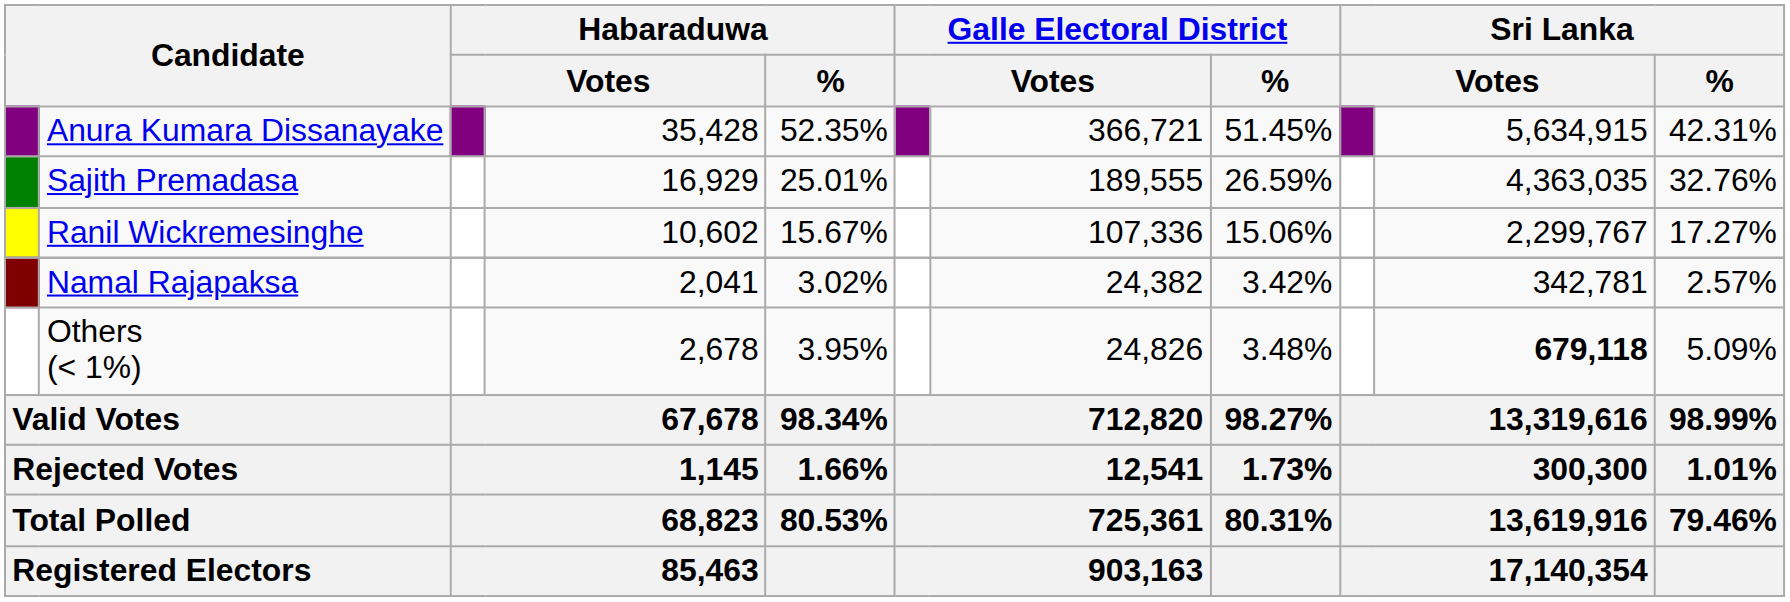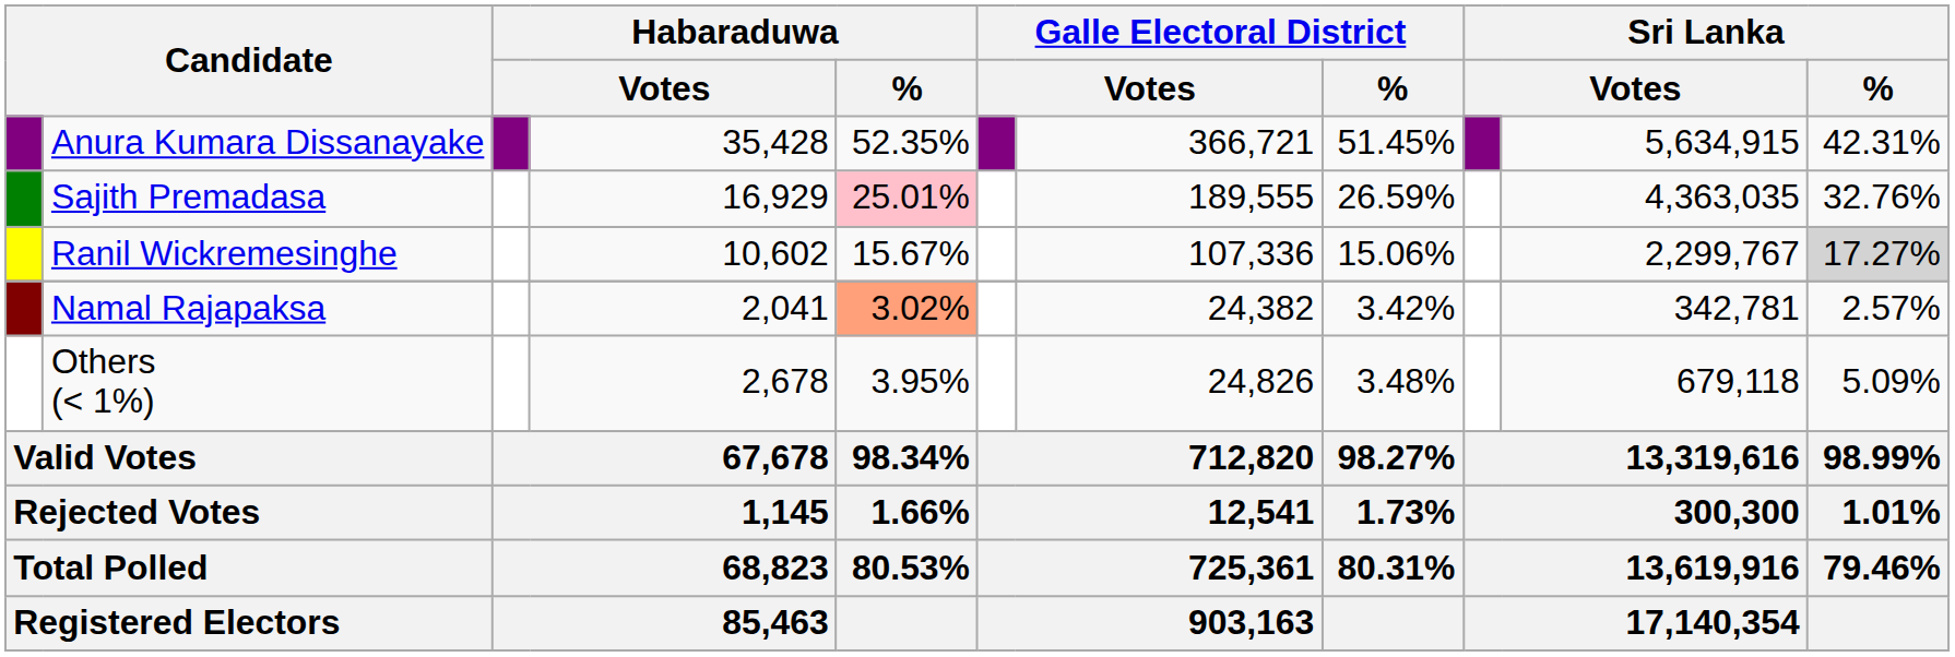 <table class="wikitable">
 <tr>
 <th colspan="2" width="144px"rowspan="2">Candidate</th>
 <th colspan="3" width="216px">Habaraduwa</th>
 <th colspan="3" width="216px"><a href='#'>Galle Electoral District</a></th>
 <th colspan="3" width="216px">Sri Lanka</th>
 </tr>
 <tr>
 <th colspan="2" width="144px">Votes</th>
 <th>%</th>
 <th colspan="2" width="144px">Votes</th>
 <th>%</th>
 <th colspan="2" width="144px">Votes</th>
 <th>%</th>
 </tr>
 <tr>
 <td style="background-color:purple;" width="10px"></td>
 <td style="text-align:left;"><a href='#'>Anura Kumara Dissanayake</a></td>
 <td style="background-color:purple;" width="10px"></td>
 <td style="text-align:right;">35,428</td>
 <td style="text-align:right;">52.35%</td>
 <td style="background-color:purple;" width="10px"></td>
 <td style="text-align:right;">366,721</td>
 <td style="text-align:right;">51.45%</td>
 <td style="background-color:purple;" width="10px"></td>
 <td style="text-align:right;">5,634,915</td>
 <td style="text-align:right;">42.31%</td>
 </tr>
 <tr>
 <td style="background-color:green;" width="10px"></td>
 <td style="text-align:left;"><a href='#'>Sajith Premadasa</a></td>
 <td style="background-color:white;" width="10px"></td>
 <td style="text-align:right;">16,929</td>
-<td style="text-align:right;">25.01%</td>
+<td style="background: pink; text-align:right;">25.01%</td>
 <td style="background-color:white;" width="10px"></td>
 <td style="text-align:right;">189,555</td>
 <td style="text-align:right;">26.59%</td>
 <td style="background-color:white;" width="10px"></td>
 <td style="text-align:right;">4,363,035</td>
 <td style="text-align:right;">32.76%</td>
 </tr>
 <tr>
 <td style="background-color:yellow;" width="10px"></td>
 <td style="text-align:left;"><a href='#'>Ranil Wickremesinghe</a></td>
 <td style="background-color:white;" width="10px"></td>
 <td style="text-align:right;">10,602</td>
 <td style="text-align:right;">15.67%</td>
 <td style="background-color:white;" width="10px"></td>
 <td style="text-align:right;">107,336</td>
 <td style="text-align:right;">15.06%</td>
 <td style="background-color:white;" width="10px"></td>
 <td style="text-align:right;">2,299,767</td>
-<td style="text-align:right;">17.27%</td>
+<td style="background: lightgrey; text-align:right;">17.27%</td>
 </tr>
 <tr>
 </tr>
 <tr>
 <td style="background-color:maroon;" width="10px"></td>
 <td style="text-align:left;"><a href='#'>Namal Rajapaksa</a></td>
 <td style="background-color:white;" width="10px"></td>
 <td style="text-align:right;">2,041</td>
-<td style="text-align:right;">3.02%</td>
+<td style="background: lightsalmon; text-align:right;">3.02%</td>
 <td style="background-color:white;" width="10px"></td>
 <td style="text-align:right;">24,382</td>
 <td style="text-align:right;">3.42%</td>
 <td style="background-color:white;" width="10px"></td>
 <td style="text-align:right;">342,781</td>
 <td style="text-align:right;">2.57%</td>
 </tr>
 <tr>
 <td style="background-color:white;" width="10px"></td>
 <td style="text-align:left;">Others <br>(< 1%)</td>
 <td style="background-color:white;" width="10px"></td>
 <td style="text-align:right;">2,678</td>
 <td style="text-align:right;">3.95%</td>
 <td style="background-color:white;" width="10px"></td>
 <td style="text-align:right;">24,826</td>
 <td style="text-align:right;">3.48%</td>
 <td style="background-color:white;" width="10px"></td>
-<td style="text-align:right;"><strong>679,118</strong></td>
+<td style="text-align:right;">679,118</td>
 <td style="text-align:right;">5.09%</td>
 </tr>
 <tr>
 <th colspan="2" width="144px"style="text-align:left;">Valid Votes</th>
 <th style="text-align:right;"colspan="2" width="144px">67,678</th>
 <th style="text-align:right;">98.34%</th>
 <th style="text-align:right;"colspan="2" width="144px">712,820</th>
 <th style="text-align:right;">98.27%</th>
 <th style="text-align:right;"colspan="2" width="144px">13,319,616</th>
 <th style="text-align:right;">98.99%</th>
 </tr>
 <tr>
 <th colspan="2" width="144px"style="text-align:left;">Rejected Votes</th>
 <th style="text-align:right;"colspan="2" width="144px">1,145</th>
 <th style="text-align:right;">1.66%</th>
 <th style="text-align:right;"colspan="2" width="144px">12,541</th>
 <th style="text-align:right;">1.73%</th>
 <th style="text-align:right;"colspan="2" width="144px">300,300</th>
 <th style="text-align:right;">1.01%</th>
 </tr>
 <tr>
 <th colspan="2" width="144px"style="text-align:left;">Total Polled</th>
 <th style="text-align:right;"colspan="2" width="144px">68,823</th>
 <th style="text-align:right;">80.53%</th>
 <th style="text-align:right;"colspan="2" width="144px">725,361</th>
 <th style="text-align:right;">80.31%</th>
 <th style="text-align:right;"colspan="2" width="144px">13,619,916</th>
 <th style="text-align:right;">79.46%</th>
 </tr>
 <tr>
 <th colspan="2" width="144px"style="text-align:left;">Registered Electors</th>
 <th style="text-align:right;"colspan="2" width="144px">85,463</th>
 <th></th>
 <th style="text-align:right;"colspan="2" width="144px">903,163</th>
 <th></th>
 <th style="text-align:right;"colspan="2" width="144px">17,140,354</th>
 <th></th>
 </tr>
 </table>
